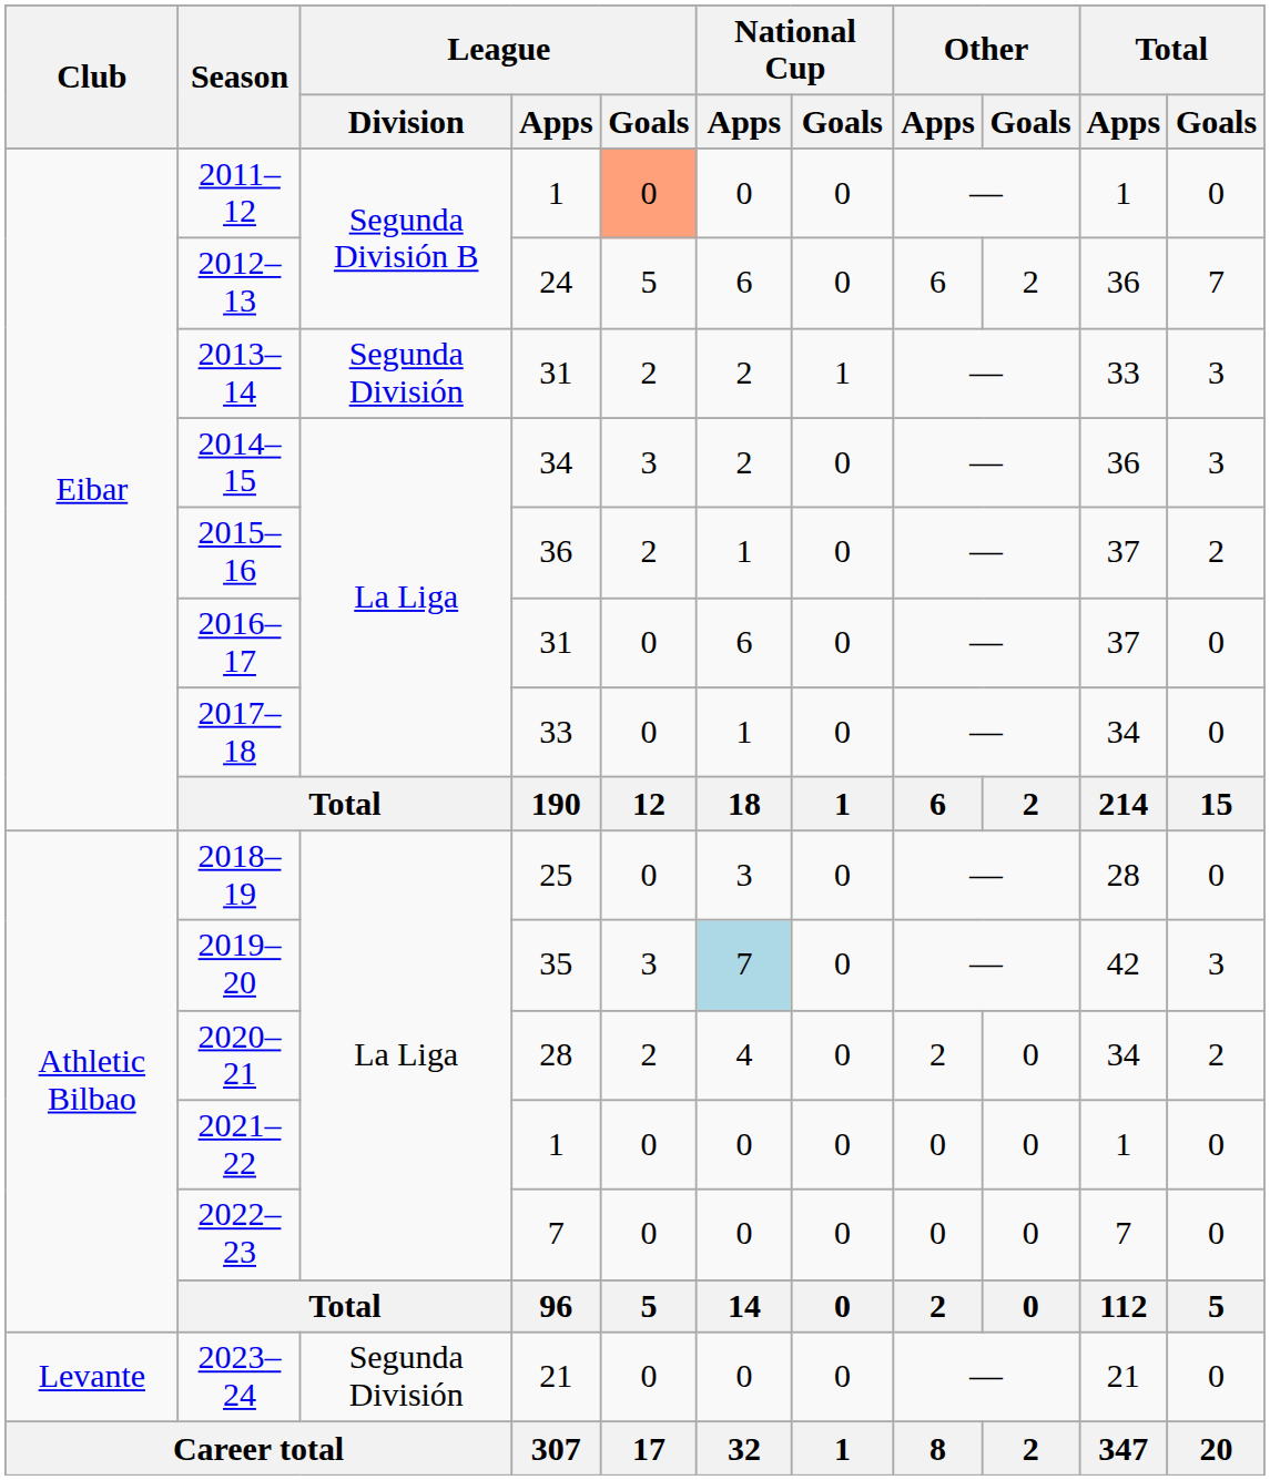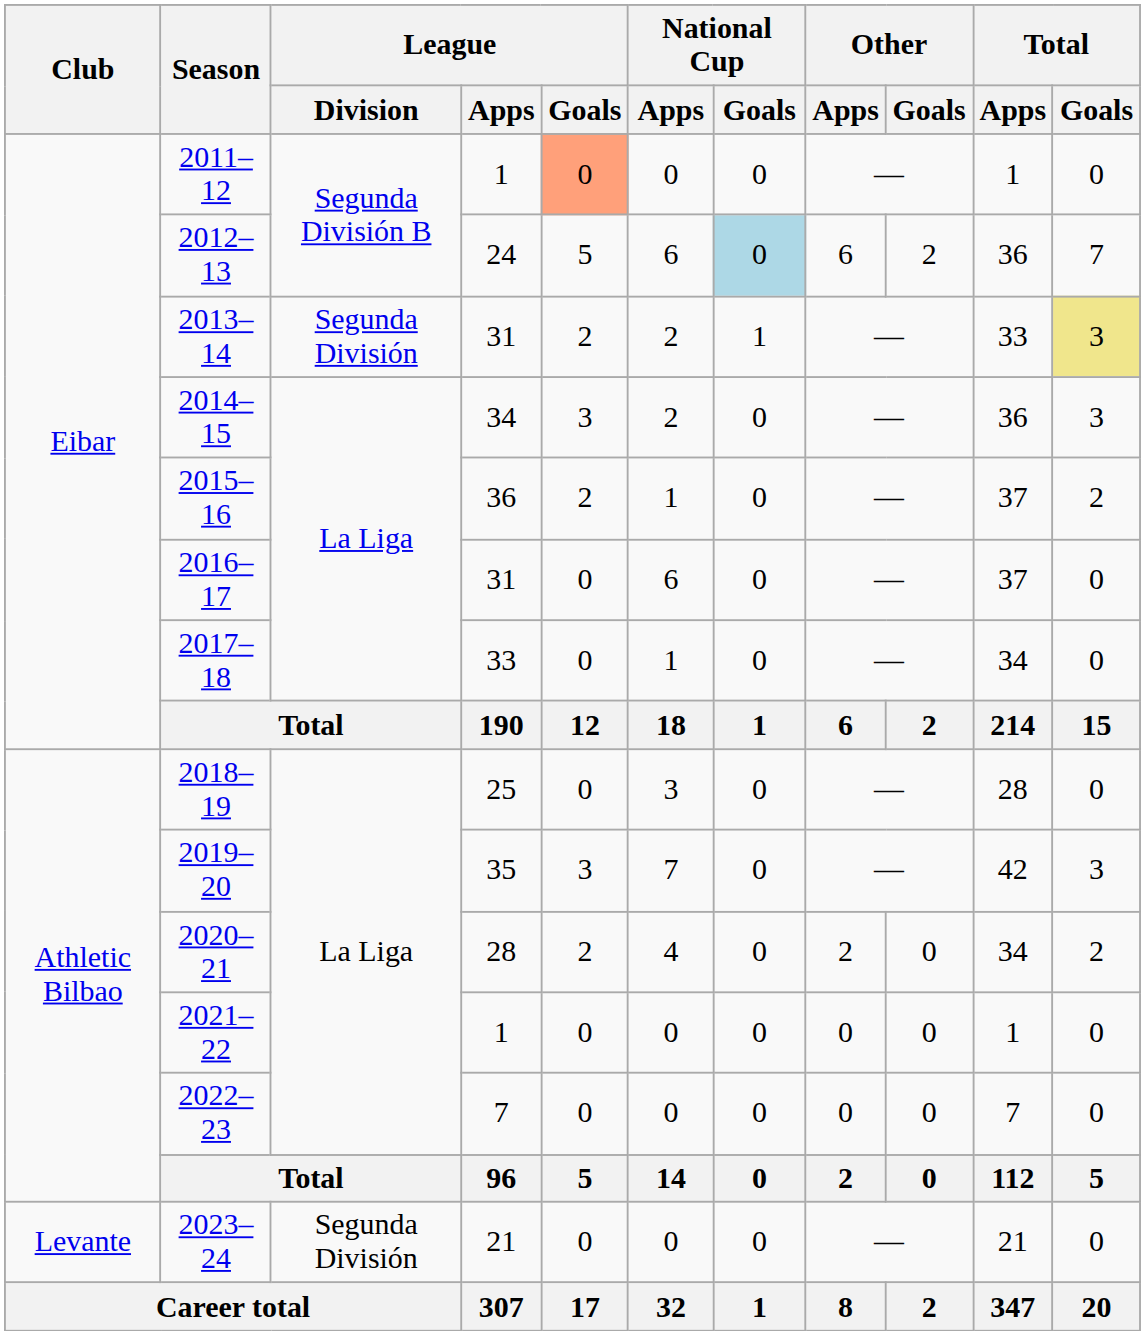 <table class="wikitable" style="text-align:center">
 <tr>
 <th rowspan="2">Club</th>
 <th rowspan="2">Season</th>
 <th colspan="3">League</th>
 <th colspan="2">National Cup</th>
 <th colspan="2">Other</th>
 <th colspan="2">Total</th>
 </tr>
 <tr>
 <th>Division</th>
 <th>Apps</th>
 <th>Goals</th>
 <th>Apps</th>
 <th>Goals</th>
 <th>Apps</th>
 <th>Goals</th>
 <th>Apps</th>
 <th>Goals</th>
 </tr>
 <tr>
 <td rowspan="8"><a href='#'>Eibar</a></td>
 <td><a href='#'>2011–12</a></td>
 <td rowspan="2"><a href='#'>Segunda División B</a></td>
 <td>1</td>
 <td style="background: lightsalmon;">0</td>
 <td>0</td>
 <td>0</td>
 <td colspan="2">—</td>
 <td>1</td>
 <td>0</td>
 </tr>
 <tr>
 <td><a href='#'>2012–13</a></td>
 <td>24</td>
 <td>5</td>
 <td>6</td>
-<td>0</td>
+<td style="background: lightblue;">0</td>
 <td>6</td>
 <td>2</td>
 <td>36</td>
 <td>7</td>
 </tr>
 <tr>
 <td><a href='#'>2013–14</a></td>
 <td><a href='#'>Segunda División</a></td>
 <td>31</td>
 <td>2</td>
 <td>2</td>
 <td>1</td>
 <td colspan="2">—</td>
 <td>33</td>
-<td>3</td>
+<td style="background: khaki;">3</td>
 </tr>
 <tr>
 <td><a href='#'>2014–15</a></td>
 <td rowspan="4"><a href='#'>La Liga</a></td>
 <td>34</td>
 <td>3</td>
 <td>2</td>
 <td>0</td>
 <td colspan="2">—</td>
 <td>36</td>
 <td>3</td>
 </tr>
 <tr>
 <td><a href='#'>2015–16</a></td>
 <td>36</td>
 <td>2</td>
 <td>1</td>
 <td>0</td>
 <td colspan="2">—</td>
 <td>37</td>
 <td>2</td>
 </tr>
 <tr>
 <td><a href='#'>2016–17</a></td>
 <td>31</td>
 <td>0</td>
 <td>6</td>
 <td>0</td>
 <td colspan="2">—</td>
 <td>37</td>
 <td>0</td>
 </tr>
 <tr>
 <td><a href='#'>2017–18</a></td>
 <td>33</td>
 <td>0</td>
 <td>1</td>
 <td>0</td>
 <td colspan="2">—</td>
 <td>34</td>
 <td>0</td>
 </tr>
 <tr>
 <th colspan="2">Total</th>
 <th>190</th>
 <th>12</th>
 <th>18</th>
 <th>1</th>
 <th>6</th>
 <th>2</th>
 <th>214</th>
 <th>15</th>
 </tr>
 <tr>
 <td rowspan="6"><a href='#'>Athletic Bilbao</a></td>
 <td><a href='#'>2018–19</a></td>
 <td rowspan="5">La Liga</td>
 <td>25</td>
 <td>0</td>
 <td>3</td>
 <td>0</td>
 <td colspan="2">—</td>
 <td>28</td>
 <td>0</td>
 </tr>
 <tr>
 <td><a href='#'>2019–20</a></td>
 <td>35</td>
 <td>3</td>
-<td style="background: lightblue;">7</td>
+<td>7</td>
 <td>0</td>
 <td colspan="2">—</td>
 <td>42</td>
 <td>3</td>
 </tr>
 <tr>
 <td><a href='#'>2020–21</a></td>
 <td>28</td>
 <td>2</td>
 <td>4</td>
 <td>0</td>
 <td>2</td>
 <td>0</td>
 <td>34</td>
 <td>2</td>
 </tr>
 <tr>
 <td><a href='#'>2021–22</a></td>
 <td>1</td>
 <td>0</td>
 <td>0</td>
 <td>0</td>
 <td>0</td>
 <td>0</td>
 <td>1</td>
 <td>0</td>
 </tr>
 <tr>
 <td><a href='#'>2022–23</a></td>
 <td>7</td>
 <td>0</td>
 <td>0</td>
 <td>0</td>
 <td>0</td>
 <td>0</td>
 <td>7</td>
 <td>0</td>
 </tr>
 <tr>
 <th colspan="2">Total</th>
 <th>96</th>
 <th>5</th>
 <th>14</th>
 <th>0</th>
 <th>2</th>
 <th>0</th>
 <th>112</th>
 <th>5</th>
 </tr>
 <tr>
 <td><a href='#'>Levante</a></td>
 <td><a href='#'>2023–24</a></td>
 <td>Segunda División</td>
 <td>21</td>
 <td>0</td>
 <td>0</td>
 <td>0</td>
 <td colspan="2">—</td>
 <td>21</td>
 <td>0</td>
 </tr>
 <tr>
 <th colspan="3">Career total</th>
 <th>307</th>
 <th>17</th>
 <th>32</th>
 <th>1</th>
 <th>8</th>
 <th>2</th>
 <th>347</th>
 <th>20</th>
 </tr>
 </table>
